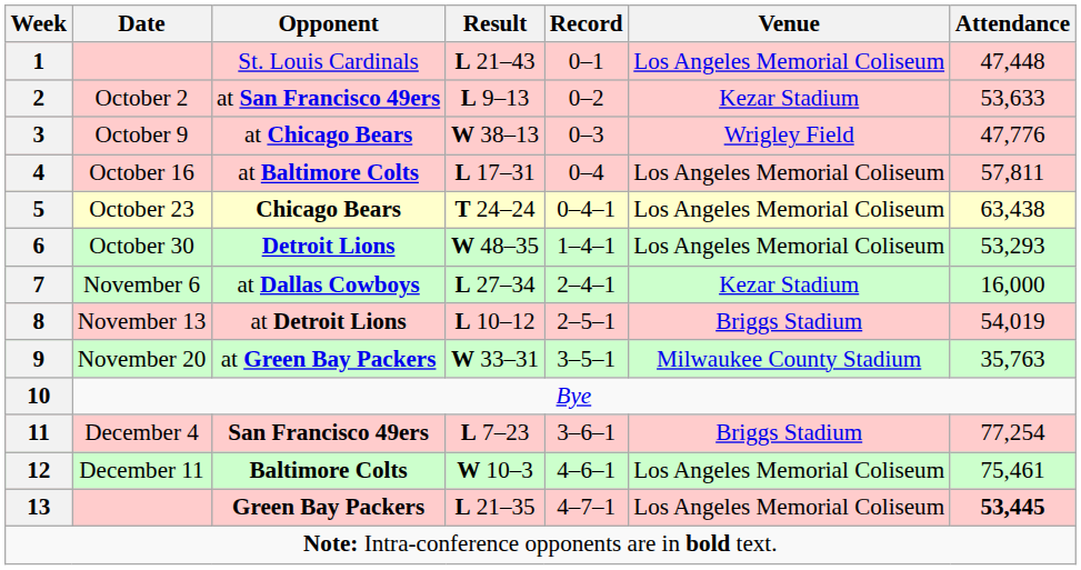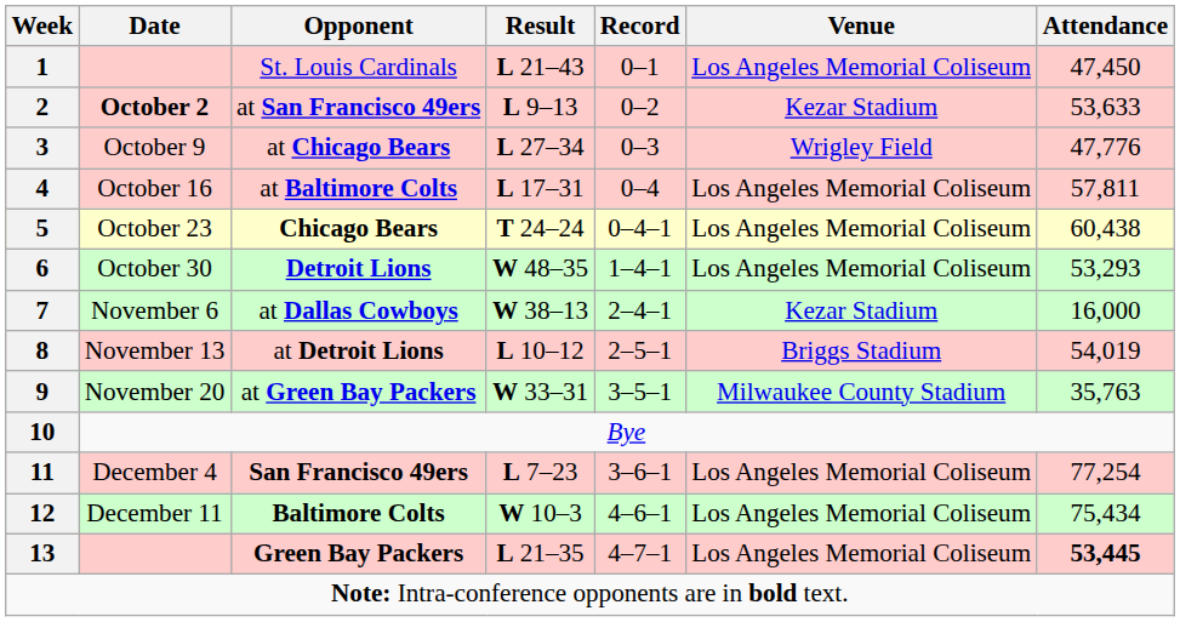 <table class="wikitable" style="text-align:center">
 <tr>
 <th>Week</th>
 <th>Date</th>
 <th>Opponent</th>
 <th>Result</th>
 <th>Record</th>
 <th>Venue</th>
 <th>Attendance</th>
 </tr>
 <tr style="background:#fcc">
 <th>1</th>
 <td></td>
 <td><a href='#'>St. Louis Cardinals</a></td>
 <td><strong>L</strong> 21–43</td>
 <td>0–1</td>
 <td><a href='#'>Los Angeles Memorial Coliseum</a></td>
-<td>47,448</td>
+<td>47,450</td>
 </tr>
 <tr style="background:#fcc">
 <th>2</th>
-<td>October 2</td>
+<td><strong>October 2</strong></td>
 <td>at <strong><a href='#'>San Francisco 49ers</a></strong></td>
 <td><strong>L</strong> 9–13</td>
 <td>0–2</td>
 <td><a href='#'>Kezar Stadium</a></td>
 <td>53,633</td>
 </tr>
 <tr style="background:#fcc">
 <th>3</th>
 <td>October 9</td>
 <td>at <strong><a href='#'>Chicago Bears</a></strong></td>
-<td><strong>W</strong> 38–13</td>
+<td><strong>L</strong> 27–34</td>
 <td>0–3</td>
 <td><a href='#'>Wrigley Field</a></td>
 <td>47,776</td>
 </tr>
 <tr style="background:#fcc">
 <th>4</th>
 <td>October 16</td>
 <td>at <strong><a href='#'>Baltimore Colts</a></strong></td>
 <td><strong>L</strong> 17–31</td>
 <td>0–4</td>
 <td>Los Angeles Memorial Coliseum</td>
 <td>57,811</td>
 </tr>
 <tr style="background:#ffc">
 <th>5</th>
 <td>October 23</td>
 <td><strong>Chicago Bears</strong></td>
 <td><strong>T</strong> 24–24</td>
 <td>0–4–1</td>
 <td>Los Angeles Memorial Coliseum</td>
-<td>63,438</td>
+<td>60,438</td>
 </tr>
 <tr style="background:#cfc">
 <th>6</th>
 <td>October 30</td>
 <td><strong><a href='#'>Detroit Lions</a></strong></td>
 <td><strong>W</strong> 48–35</td>
 <td>1–4–1</td>
 <td>Los Angeles Memorial Coliseum</td>
 <td>53,293</td>
 </tr>
 <tr style="background:#cfc">
 <th>7</th>
 <td>November 6</td>
 <td>at <strong><a href='#'>Dallas Cowboys</a></strong></td>
-<td><strong>L</strong> 27–34</td>
+<td><strong>W</strong> 38–13</td>
 <td>2–4–1</td>
 <td><a href='#'>Kezar Stadium</a></td>
 <td>16,000</td>
 </tr>
 <tr style="background:#fcc">
 <th>8</th>
 <td>November 13</td>
 <td>at <strong>Detroit Lions</strong></td>
 <td><strong>L</strong> 10–12</td>
 <td>2–5–1</td>
 <td><a href='#'>Briggs Stadium</a></td>
 <td>54,019</td>
 </tr>
 <tr style="background:#cfc">
 <th>9</th>
 <td>November 20</td>
 <td>at <strong><a href='#'>Green Bay Packers</a></strong></td>
 <td><strong>W</strong> 33–31</td>
 <td>3–5–1</td>
 <td><a href='#'>Milwaukee County Stadium</a></td>
 <td>35,763</td>
 </tr>
 <tr>
 <th>10</th>
 <td colspan="6"><em><a href='#'>Bye</a></em></td>
 </tr>
 <tr style="background:#fcc">
 <th>11</th>
 <td>December 4</td>
 <td><strong>San Francisco 49ers</strong></td>
 <td><strong>L</strong> 7–23</td>
 <td>3–6–1</td>
-<td><a href='#'>Briggs Stadium</a></td>
+<td>Los Angeles Memorial Coliseum</td>
 <td>77,254</td>
 </tr>
 <tr style="background:#cfc">
 <th>12</th>
 <td>December 11</td>
 <td><strong>Baltimore Colts</strong></td>
 <td><strong>W</strong> 10–3</td>
 <td>4–6–1</td>
 <td>Los Angeles Memorial Coliseum</td>
-<td>75,461</td>
+<td>75,434</td>
 </tr>
 <tr style="background:#fcc">
 <th>13</th>
 <td></td>
 <td><strong>Green Bay Packers</strong></td>
 <td><strong>L</strong> 21–35</td>
 <td>4–7–1</td>
 <td>Los Angeles Memorial Coliseum</td>
 <td><strong>53,445</strong></td>
 </tr>
 <tr>
 <td colspan="8"><strong>Note:</strong> Intra-conference opponents are in <strong>bold</strong> text.</td>
 </tr>
 </table>
